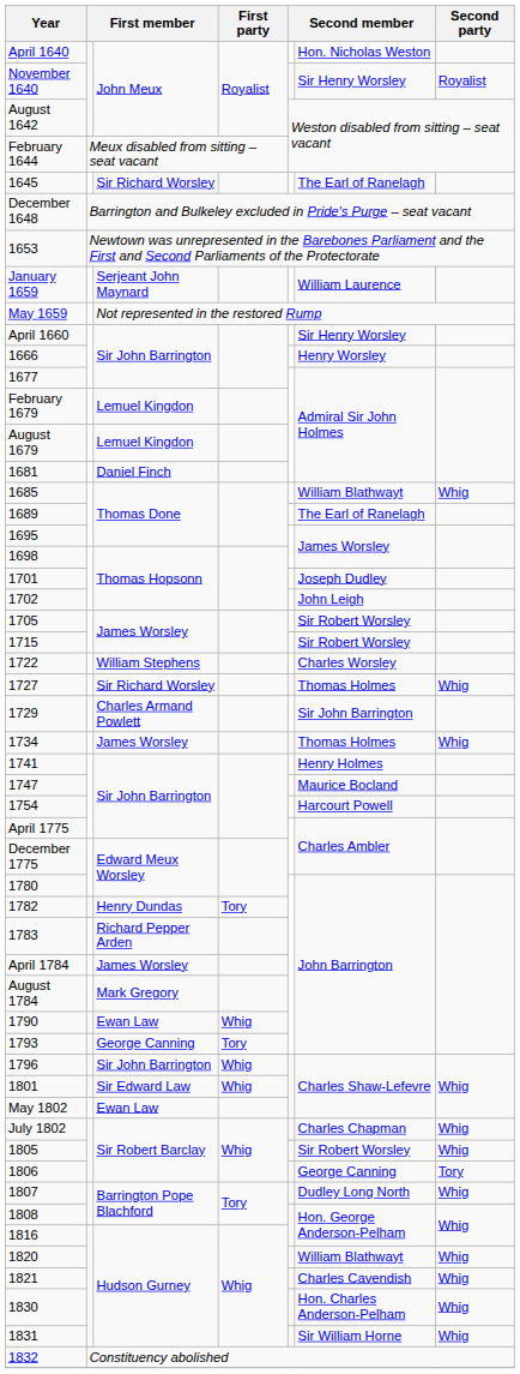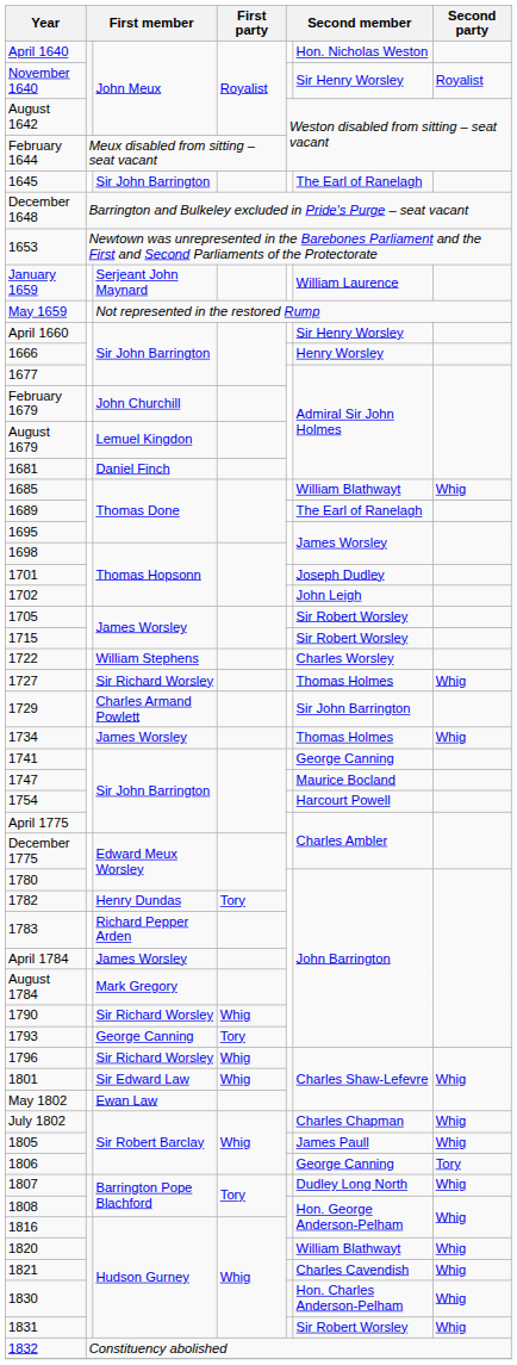 <table class="wikitable">
 <tr>
 <th>Year</th>
 <th colspan="2">First member</th>
 <th>First party</th>
 <th colspan="2">Second member</th>
 <th>Second party</th>
 </tr>
 <tr>
 <td><a href='#'>April 1640</a></td>
 <td rowspan="3" style="color:inherit;background-color: "></td>
 <td rowspan="3"><a href='#'>John Meux</a></td>
 <td rowspan="3"><a href='#'>Royalist</a></td>
 <td style="color:inherit;background-color: white"></td>
 <td><a href='#'>Hon. Nicholas Weston</a></td>
 <td></td>
 </tr>
 <tr>
 <td><a href='#'>November 1640</a></td>
 <td style="color:inherit;background-color: "></td>
 <td><a href='#'>Sir Henry Worsley</a></td>
 <td><a href='#'>Royalist</a></td>
 </tr>
 <tr>
 <td>August 1642</td>
 <td rowspan="2" colspan="3"><em>Weston disabled from sitting – seat vacant</em></td>
 </tr>
 <tr>
 <td>February 1644</td>
 <td colspan="3"><em>Meux disabled from sitting – seat vacant</em></td>
 </tr>
 <tr>
 <td>1645</td>
 <td style="color:inherit;background-color: white"></td>
-<td><a href='#'>Sir Richard Worsley</a></td>
+<td><a href='#'>Sir John Barrington</a></td>
 <td></td>
 <td style="color:inherit;background-color: white"></td>
 <td><a href='#'>The Earl of Ranelagh</a></td>
 <td></td>
 </tr>
 <tr>
 <td>December 1648</td>
 <td colspan="6"><em>Barrington and Bulkeley excluded in <a href='#'>Pride's Purge</a> – seat vacant</em></td>
 </tr>
 <tr>
 <td>1653</td>
 <td colspan="6"><em>Newtown was unrepresented in the <a href='#'>Barebones Parliament</a> and the <a href='#'>First</a> and <a href='#'>Second</a> Parliaments of the Protectorate</em></td>
 </tr>
 <tr>
 <td><a href='#'>January 1659</a></td>
 <td style="color:inherit;background-color: white"></td>
 <td><a href='#'>Serjeant John Maynard</a></td>
 <td></td>
 <td style="color:inherit;background-color: white"></td>
 <td><a href='#'>William Laurence</a></td>
 <td></td>
 </tr>
 <tr>
 <td><a href='#'>May 1659</a></td>
 <td style="color:inherit;background-color: white"></td>
 <td colspan="6"><em>Not represented in the restored <a href='#'>Rump</a></em></td>
 </tr>
 <tr>
 <td>April 1660</td>
 <td rowspan="3" style="color:inherit;background-color: white"></td>
 <td rowspan="3"><a href='#'>Sir John Barrington</a></td>
 <td rowspan="3"></td>
 <td style="color:inherit;background-color: white"></td>
 <td><a href='#'>Sir Henry Worsley</a></td>
 <td></td>
 </tr>
 <tr>
 <td>1666</td>
 <td style="color:inherit;background-color: white"></td>
 <td><a href='#'>Henry Worsley</a></td>
 <td></td>
 </tr>
 <tr>
 <td>1677</td>
 <td rowspan="4" style="color:inherit;background-color: white"></td>
 <td rowspan="4"><a href='#'>Admiral Sir John Holmes</a></td>
 <td rowspan="4"></td>
 </tr>
 <tr>
 <td>February 1679</td>
 <td style="color:inherit;background-color: white"></td>
-<td><a href='#'>Lemuel Kingdon</a></td>
+<td><a href='#'>John Churchill</a></td>
 <td></td>
 </tr>
 <tr>
 <td>August 1679</td>
 <td style="color:inherit;background-color: white"></td>
 <td><a href='#'>Lemuel Kingdon</a></td>
 <td></td>
 </tr>
 <tr>
 <td>1681</td>
 <td style="color:inherit;background-color: white"></td>
 <td><a href='#'>Daniel Finch</a></td>
 <td></td>
 </tr>
 <tr>
 <td>1685</td>
 <td rowspan="3" style="color:inherit;background-color: white"></td>
 <td rowspan="3"><a href='#'>Thomas Done</a></td>
 <td rowspan="3"></td>
 <td style="color:inherit;background-color: white"></td>
 <td><a href='#'>William Blathwayt</a></td>
 <td><a href='#'>Whig</a></td>
 </tr>
 <tr>
 <td>1689</td>
 <td style="color:inherit;background-color: white"></td>
 <td><a href='#'>The Earl of Ranelagh</a></td>
 <td></td>
 </tr>
 <tr>
 <td>1695</td>
 <td rowspan="2" style="color:inherit;background-color: white"></td>
 <td rowspan="2"><a href='#'>James Worsley</a></td>
 <td rowspan="2"></td>
 </tr>
 <tr>
 <td>1698</td>
 <td rowspan="3" style="color:inherit;background-color: white"></td>
 <td rowspan="3"><a href='#'>Thomas Hopsonn</a></td>
 <td rowspan="3"></td>
 </tr>
 <tr>
 <td>1701</td>
 <td style="color:inherit;background-color: white"></td>
 <td><a href='#'>Joseph Dudley</a></td>
 <td></td>
 </tr>
 <tr>
 <td>1702</td>
 <td style="color:inherit;background-color: white"></td>
 <td><a href='#'>John Leigh</a></td>
 <td></td>
 </tr>
 <tr>
 <td>1705</td>
 <td rowspan="2" style="color:inherit;background-color: white"></td>
 <td rowspan="2"><a href='#'>James Worsley</a></td>
 <td rowspan="2"></td>
 <td style="color:inherit;background-color: white"></td>
 <td><a href='#'>Sir Robert Worsley</a></td>
 <td></td>
 </tr>
 <tr>
 <td>1715</td>
 <td style="color:inherit;background-color: white"></td>
 <td><a href='#'>Sir Robert Worsley</a></td>
 <td></td>
 </tr>
 <tr>
 <td>1722</td>
 <td style="color:inherit;background-color: white"></td>
 <td><a href='#'>William Stephens</a></td>
 <td></td>
 <td style="color:inherit;background-color: white"></td>
 <td><a href='#'>Charles Worsley</a></td>
 <td></td>
 </tr>
 <tr>
 <td>1727</td>
 <td style="color:inherit;background-color: white"></td>
 <td><a href='#'>Sir Richard Worsley</a></td>
 <td></td>
 <td style="color:inherit;background-color: "></td>
 <td><a href='#'>Thomas Holmes</a></td>
 <td><a href='#'>Whig</a></td>
 </tr>
 <tr>
 <td>1729</td>
 <td style="color:inherit;background-color: white"></td>
 <td><a href='#'>Charles Armand Powlett</a></td>
 <td></td>
 <td style="color:inherit;background-color: white"></td>
 <td><a href='#'>Sir John Barrington</a></td>
 <td></td>
 </tr>
 <tr>
 <td>1734</td>
 <td style="color:inherit;background-color: white"></td>
 <td><a href='#'>James Worsley</a></td>
 <td></td>
 <td style="color:inherit;background-color: "></td>
 <td><a href='#'>Thomas Holmes</a></td>
 <td><a href='#'>Whig</a></td>
 </tr>
 <tr>
 <td>1741</td>
 <td rowspan="4" style="color:inherit;background-color: white"></td>
 <td rowspan="4"><a href='#'>Sir John Barrington</a></td>
 <td rowspan="4"></td>
 <td style="color:inherit;background-color: white"></td>
-<td><a href='#'>Henry Holmes</a></td>
+<td><a href='#'>George Canning</a></td>
 <td></td>
 </tr>
 <tr>
 <td>1747</td>
 <td style="color:inherit;background-color: white"></td>
 <td><a href='#'>Maurice Bocland</a></td>
 <td></td>
 </tr>
 <tr>
 <td>1754</td>
 <td style="color:inherit;background-color: white"></td>
 <td><a href='#'>Harcourt Powell</a></td>
 <td></td>
 </tr>
 <tr>
 <td>April 1775</td>
 <td rowspan="2" style="color:inherit;background-color: white"></td>
 <td rowspan="2"><a href='#'>Charles Ambler</a></td>
 <td rowspan="2"></td>
 </tr>
 <tr>
 <td>December 1775</td>
 <td rowspan="2" style="color:inherit;background-color: white"></td>
 <td rowspan="2"><a href='#'>Edward Meux Worsley</a></td>
 <td rowspan="2"></td>
 </tr>
 <tr>
 <td>1780</td>
 <td rowspan="7" style="color:inherit;background-color: white"></td>
 <td rowspan="7"><a href='#'>John Barrington</a></td>
 <td rowspan="7"></td>
 </tr>
 <tr>
 <td>1782</td>
 <td style="color:inherit;background-color: "></td>
 <td><a href='#'>Henry Dundas</a></td>
 <td><a href='#'>Tory</a></td>
 </tr>
 <tr>
 <td>1783</td>
 <td style="color:inherit;background-color: white"></td>
 <td><a href='#'>Richard Pepper Arden</a></td>
 <td></td>
 </tr>
 <tr>
 <td>April 1784</td>
 <td style="color:inherit;background-color: white"></td>
 <td><a href='#'>James Worsley</a></td>
 <td></td>
 </tr>
 <tr>
 <td>August 1784</td>
 <td style="color:inherit;background-color: white"></td>
 <td><a href='#'>Mark Gregory</a></td>
 <td></td>
 </tr>
 <tr>
 <td>1790</td>
 <td style="color:inherit;background-color: "></td>
-<td><a href='#'>Ewan Law</a></td>
+<td><a href='#'>Sir Richard Worsley</a></td>
 <td><a href='#'>Whig</a></td>
 </tr>
 <tr>
 <td>1793</td>
 <td style="color:inherit;background-color: "></td>
 <td><a href='#'>George Canning</a></td>
 <td><a href='#'>Tory</a></td>
 </tr>
 <tr>
 <td>1796</td>
 <td style="color:inherit;background-color: "></td>
-<td><a href='#'>Sir John Barrington</a></td>
+<td><a href='#'>Sir Richard Worsley</a></td>
 <td><a href='#'>Whig</a></td>
 <td rowspan="3" style="color:inherit;background-color: "></td>
 <td rowspan="3"><a href='#'>Charles Shaw-Lefevre</a></td>
 <td rowspan="3"><a href='#'>Whig</a></td>
 </tr>
 <tr>
 <td>1801</td>
 <td style="color:inherit;background-color: "></td>
 <td><a href='#'>Sir Edward Law</a></td>
 <td><a href='#'>Whig</a></td>
 </tr>
 <tr>
 <td>May 1802</td>
 <td style="color:inherit;background-color: white"></td>
 <td><a href='#'>Ewan Law</a></td>
 <td></td>
 </tr>
 <tr>
 <td>July 1802</td>
 <td rowspan="3" style="color:inherit;background-color: "></td>
 <td rowspan="3"><a href='#'>Sir Robert Barclay</a></td>
 <td rowspan="3"><a href='#'>Whig</a></td>
 <td style="color:inherit;background-color: "></td>
 <td><a href='#'>Charles Chapman</a></td>
 <td><a href='#'>Whig</a></td>
 </tr>
 <tr>
 <td>1805</td>
 <td style="color:inherit;background-color: "></td>
-<td><a href='#'>Sir Robert Worsley</a></td>
+<td><a href='#'>James Paull</a></td>
 <td><a href='#'>Whig</a></td>
 </tr>
 <tr>
 <td>1806</td>
 <td style="color:inherit;background-color: "></td>
 <td><a href='#'>George Canning</a></td>
 <td><a href='#'>Tory</a></td>
 </tr>
 <tr>
 <td>1807</td>
 <td rowspan="2" style="color:inherit;background-color: "></td>
 <td rowspan="2"><a href='#'>Barrington Pope Blachford</a></td>
 <td rowspan="2"><a href='#'>Tory</a></td>
 <td style="color:inherit;background-color: "></td>
 <td><a href='#'>Dudley Long North</a></td>
 <td><a href='#'>Whig</a></td>
 </tr>
 <tr>
 <td>1808</td>
 <td rowspan="2" style="color:inherit;background-color: "></td>
 <td rowspan="2"><a href='#'>Hon. George Anderson-Pelham</a></td>
 <td rowspan="2"><a href='#'>Whig</a></td>
 </tr>
 <tr>
 <td>1816</td>
 <td rowspan="5" style="color:inherit;background-color: "></td>
 <td rowspan="5"><a href='#'>Hudson Gurney</a></td>
 <td rowspan="5"><a href='#'>Whig</a></td>
 </tr>
 <tr>
 <td>1820</td>
 <td style="color:inherit;background-color: "></td>
 <td><a href='#'>William Blathwayt</a></td>
 <td><a href='#'>Whig</a></td>
 </tr>
 <tr>
 <td>1821</td>
 <td style="color:inherit;background-color: "></td>
 <td><a href='#'>Charles Cavendish</a></td>
 <td><a href='#'>Whig</a></td>
 </tr>
 <tr>
 <td>1830</td>
 <td style="color:inherit;background-color: "></td>
 <td><a href='#'>Hon. Charles Anderson-Pelham</a></td>
 <td><a href='#'>Whig</a></td>
 </tr>
 <tr>
 <td>1831</td>
 <td style="color:inherit;background-color: "></td>
-<td><a href='#'>Sir William Horne</a></td>
+<td><a href='#'>Sir Robert Worsley</a></td>
 <td><a href='#'>Whig</a></td>
 </tr>
 <tr>
 <td><a href='#'>1832</a></td>
 <td colspan="6"><em>Constituency abolished</em></td>
 </tr>
 <tr>
 </tr>
 </table>
